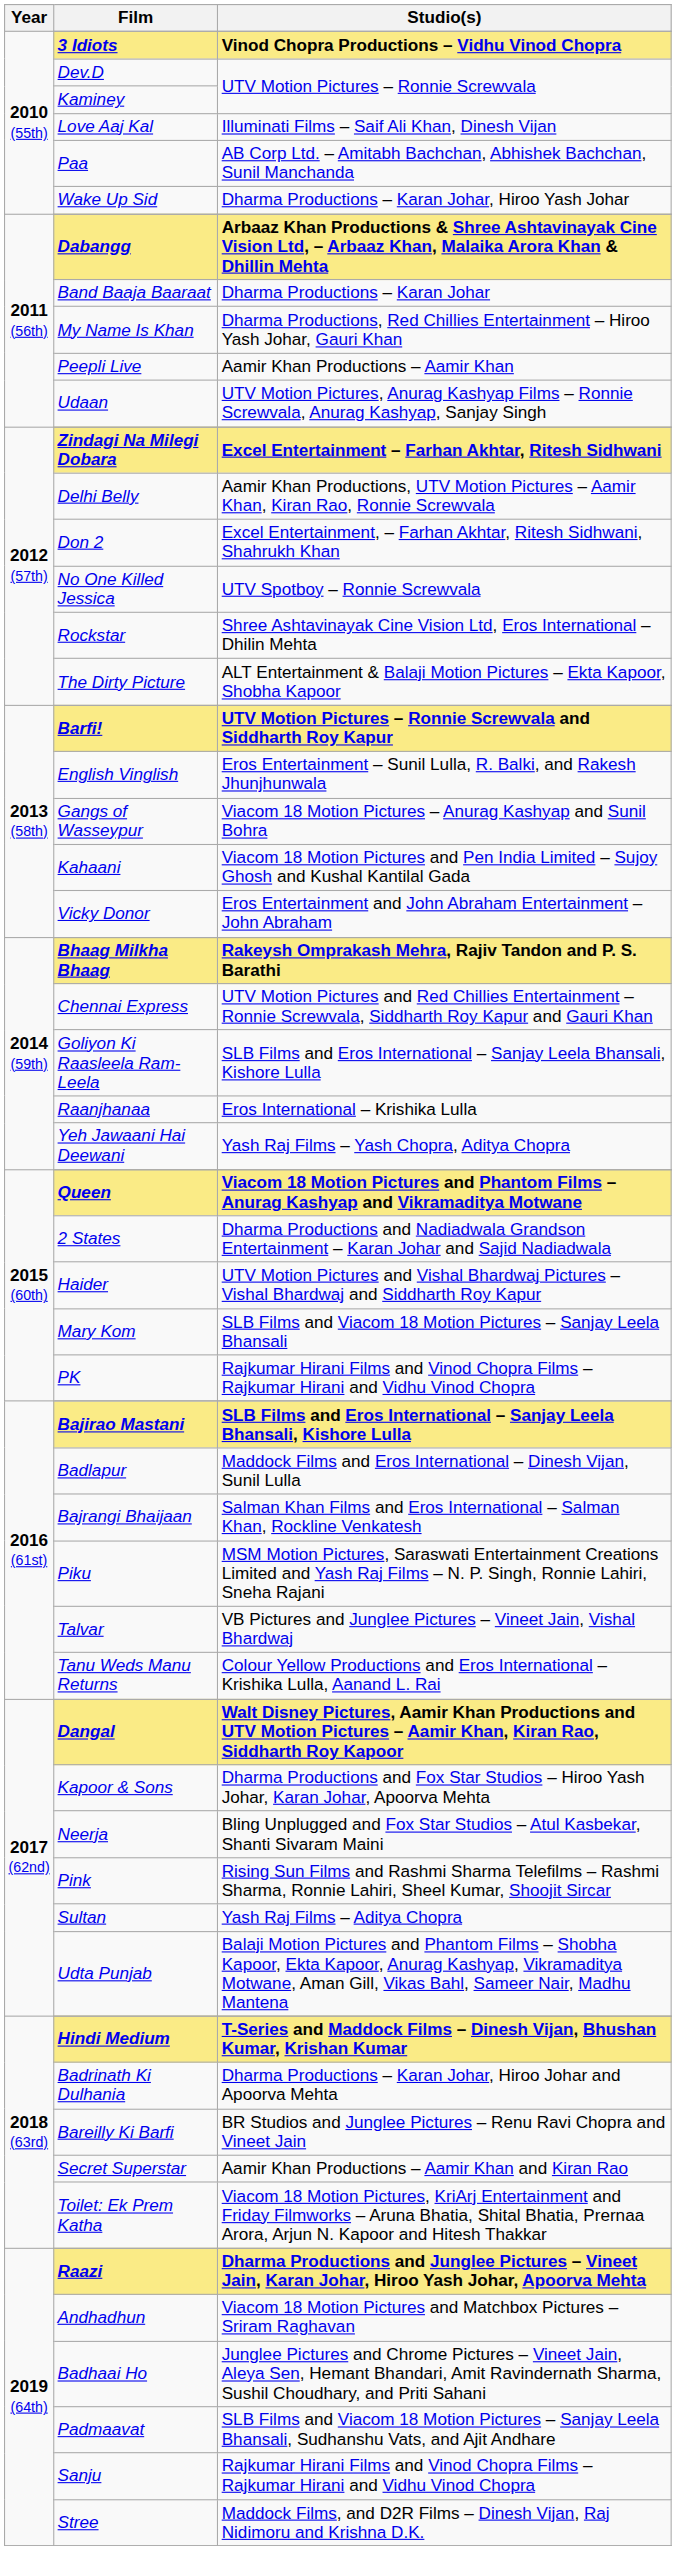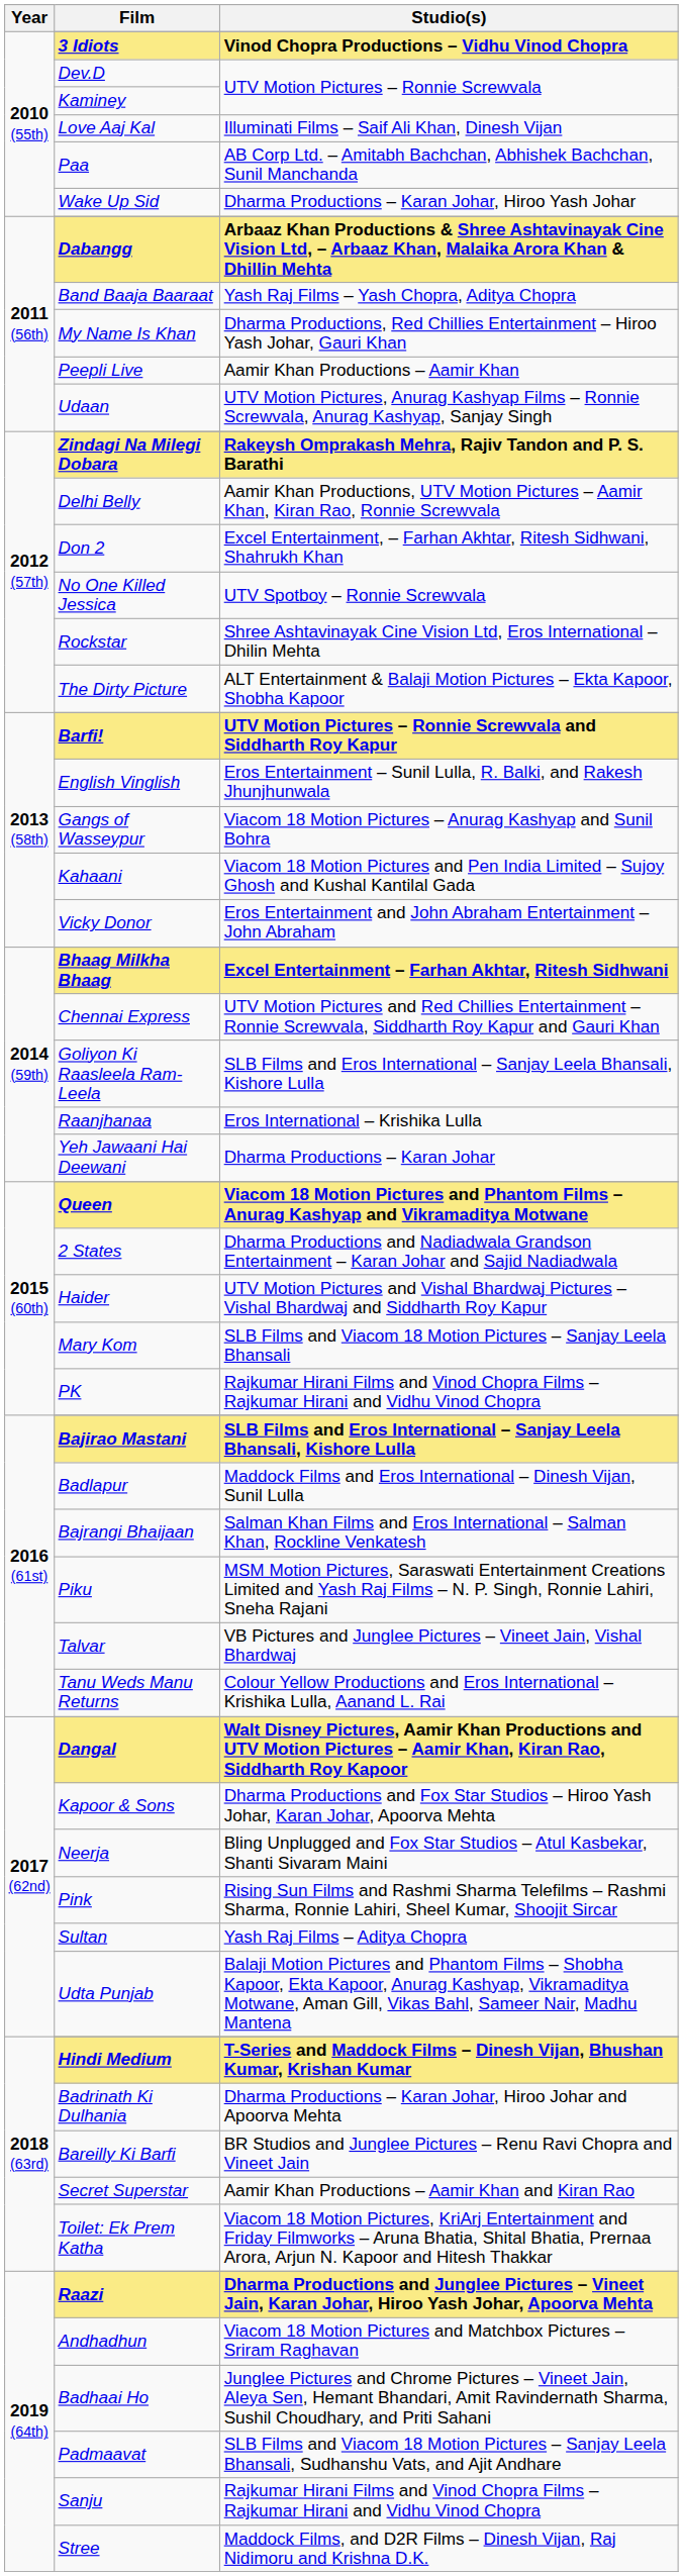 <table class="wikitable" style="width:100%">
 <tr bgcolor="#bebebe">
 <th width="5%">Year</th>
 <th width="25%">Film</th>
 <th width="70%">Studio(s)</th>
 </tr>
 <tr>
 <td rowspan=7 style="text-align:center"><strong>2010</strong><br><small><a href='#'>(55th)</a></small></td>
 </tr>
 <tr style="background:#FAEB86">
 <td><strong><em><a href='#'>3 Idiots</a></em></strong></td>
 <td><strong>Vinod Chopra Productions – <a href='#'>Vidhu Vinod Chopra</a></strong></td>
 </tr>
 <tr>
 <td><em><a href='#'>Dev.D</a></em></td>
 <td rowspan="2"><a href='#'>UTV Motion Pictures</a> – <a href='#'>Ronnie Screwvala</a></td>
 </tr>
 <tr>
 <td><em><a href='#'>Kaminey</a></em></td>
 </tr>
 <tr>
 <td><em><a href='#'>Love Aaj Kal</a></em></td>
 <td><a href='#'>Illuminati Films</a> – <a href='#'>Saif Ali Khan</a>, <a href='#'>Dinesh Vijan</a></td>
 </tr>
 <tr>
 <td><em><a href='#'>Paa</a></em></td>
 <td><a href='#'>AB Corp Ltd.</a> – <a href='#'>Amitabh Bachchan</a>, <a href='#'>Abhishek Bachchan</a>, <a href='#'>Sunil Manchanda</a></td>
 </tr>
 <tr>
 <td><em><a href='#'>Wake Up Sid</a></em></td>
 <td><a href='#'>Dharma Productions</a> – <a href='#'>Karan Johar</a>, Hiroo Yash Johar</td>
 </tr>
 <tr>
 <td rowspan=6 style="text-align:center"><strong>2011</strong><br><small><a href='#'>(56th)</a></small></td>
 </tr>
 <tr style="background:#FAEB86">
 <td><strong><em><a href='#'>Dabangg</a></em></strong></td>
 <td><strong>Arbaaz Khan Productions & <a href='#'>Shree Ashtavinayak Cine Vision Ltd</a>, – <a href='#'>Arbaaz Khan</a>, <a href='#'>Malaika Arora Khan</a> & <a href='#'>Dhillin Mehta</a></strong></td>
 </tr>
 <tr>
 <td><em><a href='#'>Band Baaja Baaraat</a></em></td>
-<td><a href='#'>Dharma Productions</a> – <a href='#'>Karan Johar</a></td>
+<td><a href='#'>Yash Raj Films</a> – <a href='#'>Yash Chopra</a>, <a href='#'>Aditya Chopra</a></td>
 </tr>
 <tr>
 <td><em><a href='#'>My Name Is Khan</a></em></td>
 <td><a href='#'>Dharma Productions</a>, <a href='#'>Red Chillies Entertainment</a> – Hiroo Yash Johar, <a href='#'>Gauri Khan</a></td>
 </tr>
 <tr>
 <td><em><a href='#'>Peepli Live</a></em></td>
 <td>Aamir Khan Productions – <a href='#'>Aamir Khan</a></td>
 </tr>
 <tr>
 <td><em><a href='#'>Udaan</a></em></td>
 <td><a href='#'>UTV Motion Pictures</a>, <a href='#'>Anurag Kashyap Films</a> – <a href='#'>Ronnie Screwvala</a>, <a href='#'>Anurag Kashyap</a>, Sanjay Singh</td>
 </tr>
 <tr>
 <td rowspan=7 style="text-align:center"><strong>2012</strong><br><small><a href='#'>(57th)</a></small></td>
 </tr>
 <tr style="background:#FAEB86">
 <td><strong><em><a href='#'>Zindagi Na Milegi Dobara</a></em></strong></td>
-<td><strong><a href='#'>Excel Entertainment</a> – <a href='#'>Farhan Akhtar</a>, <a href='#'>Ritesh Sidhwani</a></strong></td>
+<td><strong><a href='#'>Rakeysh Omprakash Mehra</a>, Rajiv Tandon and P. S. Barathi</strong></td>
 </tr>
 <tr>
 <td><em><a href='#'>Delhi Belly</a></em></td>
 <td>Aamir Khan Productions, <a href='#'>UTV Motion Pictures</a> – <a href='#'>Aamir Khan</a>, <a href='#'>Kiran Rao</a>, <a href='#'>Ronnie Screwvala</a></td>
 </tr>
 <tr>
 <td><em><a href='#'>Don 2</a></em></td>
 <td><a href='#'>Excel Entertainment</a>, – <a href='#'>Farhan Akhtar</a>, <a href='#'>Ritesh Sidhwani</a>, <a href='#'>Shahrukh Khan</a></td>
 </tr>
 <tr>
 <td><em><a href='#'>No One Killed Jessica</a></em></td>
 <td><a href='#'>UTV Spotboy</a> – <a href='#'>Ronnie Screwvala</a></td>
 </tr>
 <tr>
 <td><em><a href='#'>Rockstar</a></em></td>
 <td><a href='#'>Shree Ashtavinayak Cine Vision Ltd</a>, <a href='#'>Eros International</a> – Dhilin Mehta</td>
 </tr>
 <tr>
 <td><em><a href='#'>The Dirty Picture</a></em></td>
 <td>ALT Entertainment & <a href='#'>Balaji Motion Pictures</a> – <a href='#'>Ekta Kapoor</a>, <a href='#'>Shobha Kapoor</a></td>
 </tr>
 <tr>
 <td rowspan=6 style="text-align:center"><strong>2013</strong><br><small><a href='#'>(58th)</a></small></td>
 </tr>
 <tr style="background:#FAEB86">
 <td><strong><em><a href='#'>Barfi!</a></em></strong></td>
 <td><strong><a href='#'>UTV Motion Pictures</a> – <a href='#'>Ronnie Screwvala</a> and <a href='#'>Siddharth Roy Kapur</a></strong></td>
 </tr>
 <tr>
 <td><em><a href='#'>English Vinglish</a></em></td>
 <td><a href='#'>Eros Entertainment</a> – Sunil Lulla, <a href='#'>R. Balki</a>, and <a href='#'>Rakesh Jhunjhunwala</a></td>
 </tr>
 <tr>
 <td><em><a href='#'>Gangs of Wasseypur</a></em></td>
 <td><a href='#'>Viacom 18 Motion Pictures</a> – <a href='#'>Anurag Kashyap</a> and <a href='#'>Sunil Bohra</a></td>
 </tr>
 <tr>
 <td><em><a href='#'>Kahaani</a></em></td>
 <td><a href='#'>Viacom 18 Motion Pictures</a> and <a href='#'>Pen India Limited</a> – <a href='#'>Sujoy Ghosh</a> and Kushal Kantilal Gada</td>
 </tr>
 <tr>
 <td><em><a href='#'>Vicky Donor</a></em></td>
 <td><a href='#'>Eros Entertainment</a> and <a href='#'>John Abraham Entertainment</a> – <a href='#'>John Abraham</a></td>
 </tr>
 <tr>
 <td rowspan=6 style="text-align:center"><strong>2014</strong><br><small><a href='#'>(59th)</a></small></td>
 </tr>
 <tr style="background:#FAEB86">
 <td><strong><em><a href='#'>Bhaag Milkha Bhaag</a></em></strong></td>
-<td><strong><a href='#'>Rakeysh Omprakash Mehra</a>, Rajiv Tandon and P. S. Barathi</strong></td>
+<td><strong><a href='#'>Excel Entertainment</a> – <a href='#'>Farhan Akhtar</a>, <a href='#'>Ritesh Sidhwani</a></strong></td>
 </tr>
 <tr>
 <td><em><a href='#'>Chennai Express</a></em></td>
 <td><a href='#'>UTV Motion Pictures</a> and <a href='#'>Red Chillies Entertainment</a> – <a href='#'>Ronnie Screwvala</a>, <a href='#'>Siddharth Roy Kapur</a> and <a href='#'>Gauri Khan</a></td>
 </tr>
 <tr>
 <td><em><a href='#'>Goliyon Ki Raasleela Ram-Leela</a></em></td>
 <td><a href='#'>SLB Films</a> and <a href='#'>Eros International</a> – <a href='#'>Sanjay Leela Bhansali</a>, <a href='#'>Kishore Lulla</a></td>
 </tr>
 <tr>
 <td><em><a href='#'>Raanjhanaa</a></em></td>
 <td><a href='#'>Eros International</a> – Krishika Lulla</td>
 </tr>
 <tr>
 <td><em><a href='#'>Yeh Jawaani Hai Deewani</a></em></td>
-<td><a href='#'>Yash Raj Films</a> – <a href='#'>Yash Chopra</a>, <a href='#'>Aditya Chopra</a></td>
+<td><a href='#'>Dharma Productions</a> – <a href='#'>Karan Johar</a></td>
 </tr>
 <tr>
 <td rowspan=6 style="text-align:center"><strong>2015</strong><br><small><a href='#'>(60th)</a></small></td>
 </tr>
 <tr style="background:#FAEB86">
 <td><strong><em><a href='#'>Queen</a></em></strong></td>
 <td><strong><a href='#'>Viacom 18 Motion Pictures</a> and <a href='#'>Phantom Films</a> – <a href='#'>Anurag Kashyap</a> and <a href='#'>Vikramaditya Motwane</a></strong></td>
 </tr>
 <tr>
 <td><em><a href='#'>2 States</a></em></td>
 <td><a href='#'>Dharma Productions</a> and <a href='#'>Nadiadwala Grandson Entertainment</a> – <a href='#'>Karan Johar</a> and <a href='#'>Sajid Nadiadwala</a></td>
 </tr>
 <tr>
 <td><em><a href='#'>Haider</a></em></td>
 <td><a href='#'>UTV Motion Pictures</a> and <a href='#'>Vishal Bhardwaj Pictures</a> – <a href='#'>Vishal Bhardwaj</a> and <a href='#'>Siddharth Roy Kapur</a></td>
 </tr>
 <tr>
 <td><em><a href='#'>Mary Kom</a></em></td>
 <td><a href='#'>SLB Films</a> and <a href='#'>Viacom 18 Motion Pictures</a> – <a href='#'>Sanjay Leela Bhansali</a></td>
 </tr>
 <tr>
 <td><em><a href='#'>PK</a></em></td>
 <td><a href='#'>Rajkumar Hirani Films</a> and <a href='#'>Vinod Chopra Films</a> – <a href='#'>Rajkumar Hirani</a> and <a href='#'>Vidhu Vinod Chopra</a></td>
 </tr>
 <tr>
 <td rowspan=7 style="text-align:center"><strong>2016</strong><br><small><a href='#'>(61st)</a></small></td>
 </tr>
 <tr style="background:#FAEB86">
 <td><strong><em><a href='#'>Bajirao Mastani</a></em></strong></td>
 <td><strong><a href='#'>SLB Films</a> and <a href='#'>Eros International</a> – <a href='#'>Sanjay Leela Bhansali</a>, <a href='#'>Kishore Lulla</a></strong></td>
 </tr>
 <tr>
 <td><em><a href='#'>Badlapur</a></em></td>
 <td><a href='#'>Maddock Films</a> and <a href='#'>Eros International</a> – <a href='#'>Dinesh Vijan</a>, Sunil Lulla</td>
 </tr>
 <tr>
 <td><em><a href='#'>Bajrangi Bhaijaan</a></em></td>
 <td><a href='#'>Salman Khan Films</a> and <a href='#'>Eros International</a> – <a href='#'>Salman Khan</a>, <a href='#'>Rockline Venkatesh</a></td>
 </tr>
 <tr>
 <td><em><a href='#'>Piku</a></em></td>
 <td><a href='#'>MSM Motion Pictures</a>, Saraswati Entertainment Creations Limited and <a href='#'>Yash Raj Films</a> – N. P. Singh, Ronnie Lahiri, Sneha Rajani</td>
 </tr>
 <tr>
 <td><em><a href='#'>Talvar</a></em></td>
 <td>VB Pictures and <a href='#'>Junglee Pictures</a> – <a href='#'>Vineet Jain</a>, <a href='#'>Vishal Bhardwaj</a></td>
 </tr>
 <tr>
 <td><em><a href='#'>Tanu Weds Manu Returns</a></em></td>
 <td><a href='#'>Colour Yellow Productions</a> and <a href='#'>Eros International</a> – Krishika Lulla, <a href='#'>Aanand L. Rai</a></td>
 </tr>
 <tr>
 <td rowspan=7 style="text-align:center"><strong>2017</strong><br><small><a href='#'>(62nd)</a></small></td>
 </tr>
 <tr style="background:#FAEB86">
 <td><strong><em><a href='#'>Dangal</a></em></strong></td>
 <td><strong><a href='#'>Walt Disney Pictures</a>, Aamir Khan Productions and <a href='#'>UTV Motion Pictures</a> – <a href='#'>Aamir Khan</a>, <a href='#'>Kiran Rao</a>, <a href='#'>Siddharth Roy Kapoor</a></strong></td>
 </tr>
 <tr>
 <td><em><a href='#'>Kapoor & Sons</a></em></td>
 <td><a href='#'>Dharma Productions</a> and <a href='#'>Fox Star Studios</a> – Hiroo Yash Johar, <a href='#'>Karan Johar</a>,  Apoorva Mehta</td>
 </tr>
 <tr>
 <td><em><a href='#'>Neerja</a></em></td>
 <td>Bling Unplugged and <a href='#'>Fox Star Studios</a> – <a href='#'>Atul Kasbekar</a>, Shanti Sivaram Maini</td>
 </tr>
 <tr>
 <td><em><a href='#'>Pink</a></em></td>
 <td><a href='#'>Rising Sun Films</a> and Rashmi Sharma Telefilms – Rashmi Sharma, Ronnie Lahiri, Sheel Kumar, <a href='#'>Shoojit Sircar</a></td>
 </tr>
 <tr>
 <td><em><a href='#'>Sultan</a></em></td>
 <td><a href='#'>Yash Raj Films</a> – <a href='#'>Aditya Chopra</a></td>
 </tr>
 <tr>
 <td><em><a href='#'>Udta Punjab</a></em></td>
 <td><a href='#'>Balaji Motion Pictures</a> and <a href='#'>Phantom Films</a> – <a href='#'>Shobha Kapoor</a>, <a href='#'>Ekta Kapoor</a>, <a href='#'>Anurag Kashyap</a>, <a href='#'>Vikramaditya Motwane</a>, Aman Gill, <a href='#'>Vikas Bahl</a>, <a href='#'>Sameer Nair</a>, <a href='#'>Madhu Mantena</a></td>
 </tr>
 <tr>
 <td rowspan=6 style="text-align:center"><strong>2018</strong><br><small><a href='#'>(63rd)</a></small></td>
 </tr>
 <tr style="background:#FAEB86">
 <td><strong><em><a href='#'>Hindi Medium</a></em></strong></td>
 <td><strong><a href='#'>T-Series</a> and <a href='#'>Maddock Films</a> – <a href='#'>Dinesh Vijan</a>, <a href='#'>Bhushan Kumar</a>, <a href='#'>Krishan Kumar</a></strong></td>
 </tr>
 <tr>
 <td><em><a href='#'>Badrinath Ki Dulhania</a></em></td>
 <td><a href='#'>Dharma Productions</a> – <a href='#'>Karan Johar</a>, Hiroo Johar and Apoorva Mehta</td>
 </tr>
 <tr>
 <td><em><a href='#'>Bareilly Ki Barfi</a></em></td>
 <td>BR Studios and <a href='#'>Junglee Pictures</a> – Renu Ravi Chopra and <a href='#'>Vineet Jain</a></td>
 </tr>
 <tr>
 <td><em><a href='#'>Secret Superstar</a></em></td>
 <td>Aamir Khan Productions – <a href='#'>Aamir Khan</a> and <a href='#'>Kiran Rao</a></td>
 </tr>
 <tr>
 <td><em><a href='#'>Toilet: Ek Prem Katha</a></em></td>
 <td><a href='#'>Viacom 18 Motion Pictures</a>, <a href='#'>KriArj Entertainment</a> and <a href='#'>Friday Filmworks</a> – Aruna Bhatia, Shital Bhatia, Prernaa Arora, Arjun N. Kapoor and Hitesh Thakkar</td>
 </tr>
 <tr>
 <td rowspan=7 style="text-align:center"><strong>2019</strong><br><small><a href='#'>(64th)</a></small></td>
 </tr>
 <tr style="background:#FAEB86">
 <td><strong><em><a href='#'>Raazi</a></em></strong></td>
 <td><strong><a href='#'>Dharma Productions</a> and <a href='#'>Junglee Pictures</a> – <a href='#'>Vineet Jain</a>, <a href='#'>Karan Johar</a>, Hiroo Yash Johar, <a href='#'>Apoorva Mehta</a></strong></td>
 </tr>
 <tr>
 <td><em><a href='#'>Andhadhun</a></em></td>
 <td><a href='#'>Viacom 18 Motion Pictures</a> and Matchbox Pictures – <a href='#'>Sriram Raghavan</a></td>
 </tr>
 <tr>
 <td><em><a href='#'>Badhaai Ho</a></em></td>
 <td><a href='#'>Junglee Pictures</a> and Chrome Pictures – <a href='#'>Vineet Jain</a>, <a href='#'>Aleya Sen</a>, Hemant Bhandari, Amit Ravindernath Sharma, Sushil Choudhary, and Priti Sahani</td>
 </tr>
 <tr>
 <td><em><a href='#'>Padmaavat</a></em></td>
 <td><a href='#'>SLB Films</a> and <a href='#'>Viacom 18 Motion Pictures</a> – <a href='#'>Sanjay Leela Bhansali</a>, Sudhanshu Vats, and Ajit Andhare</td>
 </tr>
 <tr>
 <td><em><a href='#'>Sanju</a></em></td>
 <td><a href='#'>Rajkumar Hirani Films</a> and <a href='#'>Vinod Chopra Films</a> – <a href='#'>Rajkumar Hirani</a> and <a href='#'>Vidhu Vinod Chopra</a></td>
 </tr>
 <tr>
 <td><em><a href='#'>Stree</a></em></td>
 <td><a href='#'>Maddock Films</a>, and D2R Films – <a href='#'>Dinesh Vijan</a>, <a href='#'>Raj Nidimoru and Krishna D.K.</a></td>
 </tr>
 <tr>
 </tr>
 </table>
